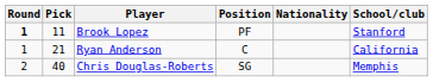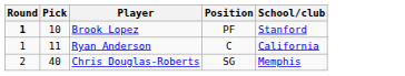 <table class="wikitable sortable">
 <tr>
 <th>Round</th>
 <th>Pick</th>
 <th>Player</th>
 <th>Position</th>
-<th>Nationality</th>
 <th>School/club</th>
 </tr>
 <tr>
 <td style="text-align:center;"><strong>1</strong></td>
-<td style="text-align:center;">11</td>
+<td style="text-align:center;">10</td>
 <td><a href='#'>Brook Lopez</a></td>
 <td style="text-align:center;">PF</td>
-<td></td>
 <td><a href='#'>Stanford</a></td>
 </tr>
 <tr>
 <td style="text-align:center;">1</td>
-<td style="text-align:center;">21</td>
+<td style="text-align:center;">11</td>
 <td><a href='#'>Ryan Anderson</a></td>
 <td style="text-align:center;">C</td>
-<td></td>
 <td><a href='#'>California</a></td>
 </tr>
 <tr>
 <td style="text-align:center;">2</td>
 <td style="text-align:center;">40</td>
 <td><a href='#'>Chris Douglas-Roberts</a></td>
 <td style="text-align:center;">SG</td>
-<td></td>
 <td><a href='#'>Memphis</a></td>
 </tr>
 </table>
